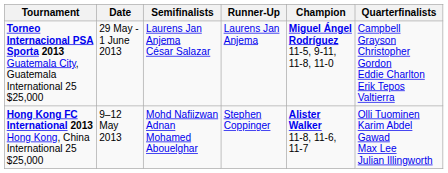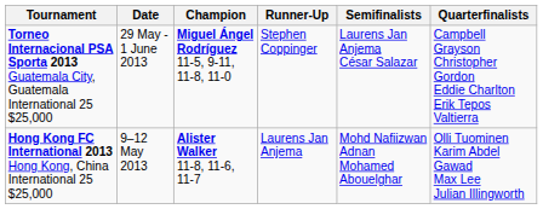 <table class="wikitable" style="font-size:88%">
 <tr>
 <th width=250>Tournament</th>
 <th width=160>Date</th>
+<th width=165>Champion</th>
+<th width=155>Runner-Up</th>
 <th width=155>Semifinalists</th>
-<th width=155>Runner-Up</th>
-<th width=165>Champion</th>
 <th width=155>Quarterfinalists</th>
 </tr>
 <tr valign=top>
 <td><strong><a href='#'>Torneo Internacional PSA Sporta</a> 2013</strong><br> <a href='#'>Guatemala City</a>, Guatemala<br>International 25<br>$25,000</td>
 <td>29 May - 1 June 2013</td>
+<td> <strong><a href='#'>Miguel Ángel Rodríguez</a></strong><br>11-5, 9-11, 11-8, 11-0</td>
+<td> <a href='#'>Stephen Coppinger</a></td>
 <td> <a href='#'>Laurens Jan Anjema</a><br>  <a href='#'>César Salazar</a></td>
-<td> <a href='#'>Laurens Jan Anjema</a></td>
-<td> <strong><a href='#'>Miguel Ángel Rodríguez</a></strong><br>11-5, 9-11, 11-8, 11-0</td>
 <td> <a href='#'>Campbell Grayson</a><br> <a href='#'>Christopher Gordon</a><br> <a href='#'>Eddie Charlton</a><br> <a href='#'>Erik Tepos Valtierra</a></td>
 </tr>
 <tr valign=top>
 <td><strong><a href='#'>Hong Kong FC International</a> 2013</strong><br> <a href='#'>Hong Kong</a>, China<br>International 25<br>$25,000</td>
 <td>9–12 May 2013</td>
+<td> <strong><a href='#'>Alister Walker</a></strong><br>11-8, 11-6, 11-7</td>
+<td> <a href='#'>Laurens Jan Anjema</a></td>
 <td> <a href='#'>Mohd Nafiizwan Adnan</a><br> <a href='#'>Mohamed Abouelghar</a></td>
-<td> <a href='#'>Stephen Coppinger</a></td>
-<td> <strong><a href='#'>Alister Walker</a></strong><br>11-8, 11-6, 11-7</td>
 <td> <a href='#'>Olli Tuominen</a><br> <a href='#'>Karim Abdel Gawad</a><br> <a href='#'>Max Lee</a><br> <a href='#'>Julian Illingworth</a></td>
 </tr>
 </table>
